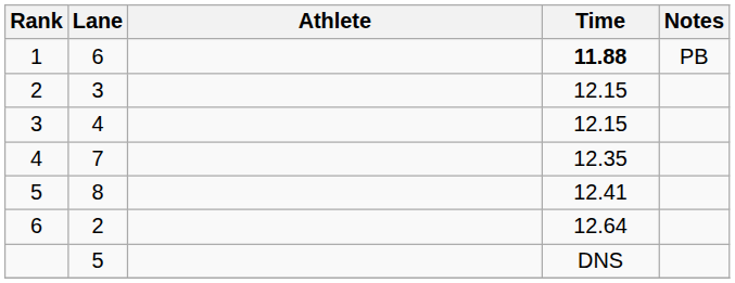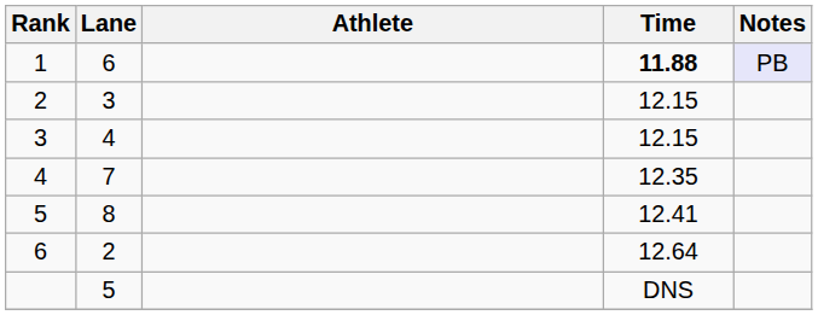 <table class="wikitable" style="text-align:center">
 <tr>
 <th>Rank</th>
 <th>Lane</th>
 <th width=300>Athlete</th>
 <th width=80>Time</th>
 <th>Notes</th>
 </tr>
 <tr>
 <td>1</td>
 <td>6</td>
 <td align=left></td>
 <td><strong>11.88</strong></td>
-<td>PB</td>
+<td style="background: lavender;">PB</td>
 </tr>
 <tr>
 <td>2</td>
 <td>3</td>
 <td align=left></td>
 <td>12.15</td>
 <td></td>
 </tr>
 <tr>
 <td>3</td>
 <td>4</td>
 <td align=left></td>
 <td>12.15</td>
 <td></td>
 </tr>
 <tr>
 <td>4</td>
 <td>7</td>
 <td align=left></td>
 <td>12.35</td>
 <td></td>
 </tr>
 <tr>
 <td>5</td>
 <td>8</td>
 <td align=left></td>
 <td>12.41</td>
 <td></td>
 </tr>
 <tr>
 <td>6</td>
 <td>2</td>
 <td align=left></td>
 <td>12.64</td>
 <td></td>
 </tr>
 <tr>
 <td></td>
 <td>5</td>
 <td align=left></td>
 <td>DNS</td>
 <td></td>
 </tr>
 <tr>
 </tr>
 </table>
